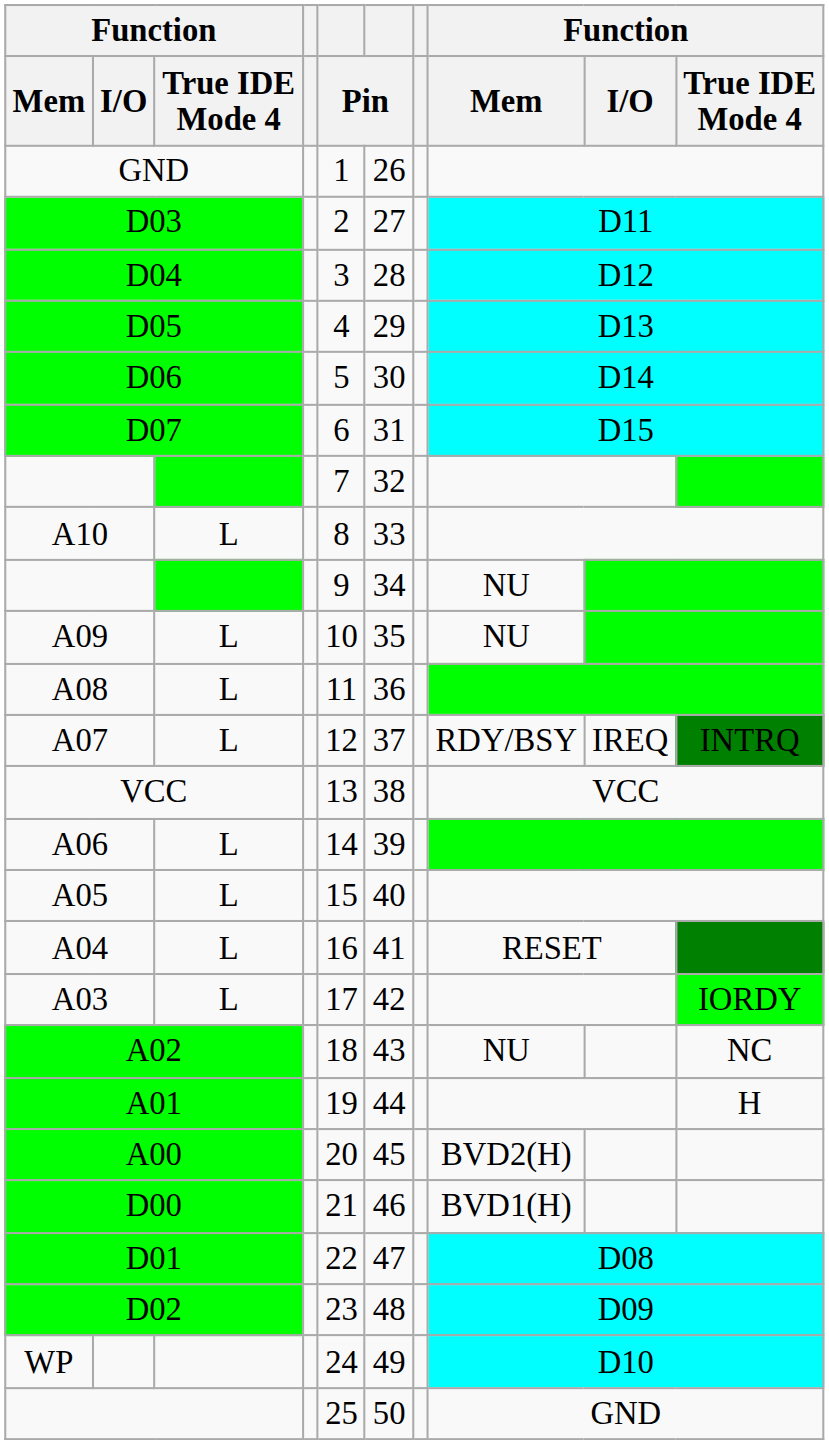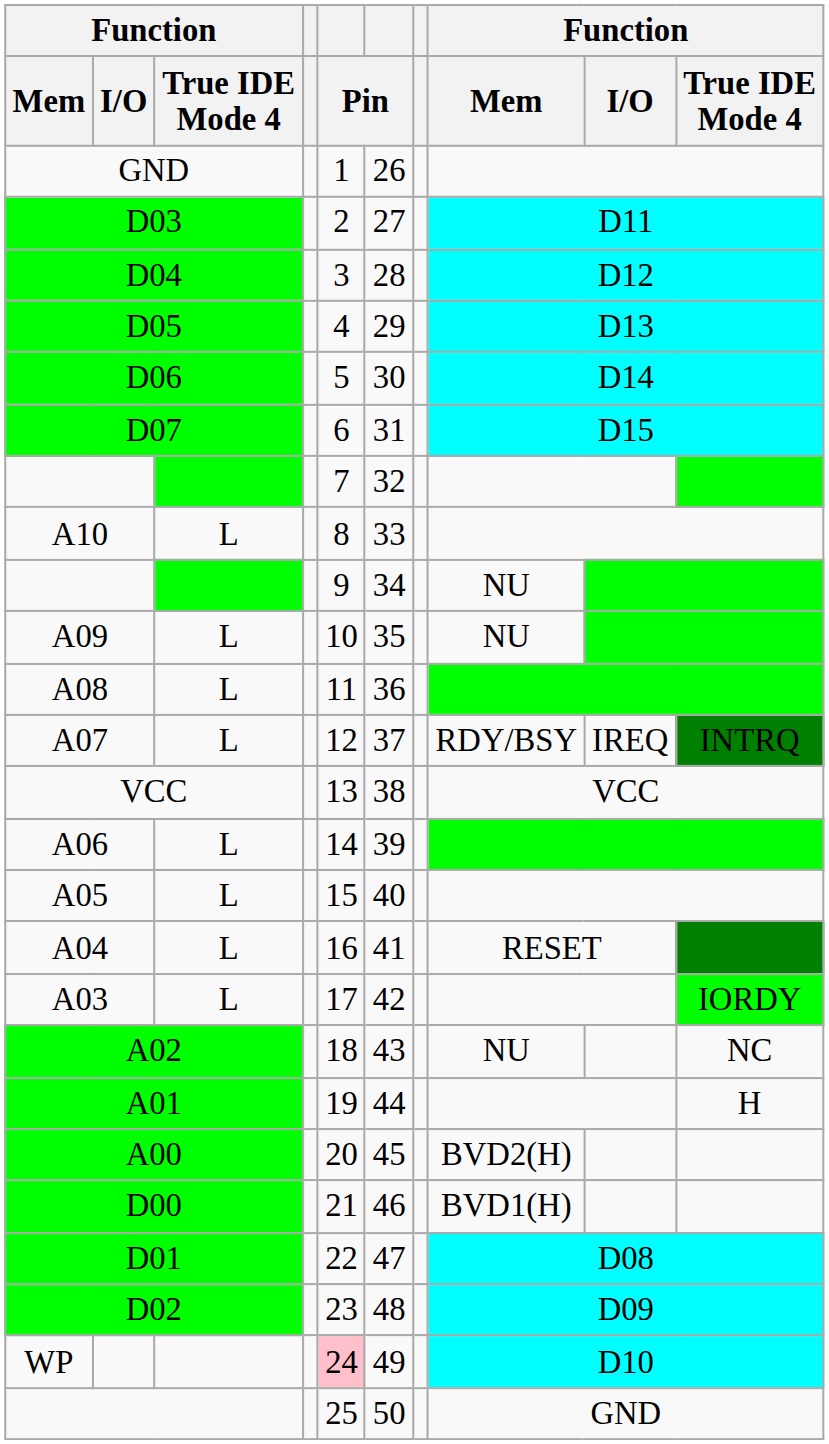 <table class="wikitable" style="margin-left: auto; margin-right: auto; border: 1; text-align:center">
 <tr>
 <th colspan="3">Function</th>
 <th></th>
 <th></th>
 <th></th>
 <th></th>
 <th colspan="3">Function</th>
 </tr>
 <tr>
 <th>Mem</th>
 <th>I/O</th>
 <th>True IDE<br>Mode 4</th>
 <th></th>
 <th colspan="2">Pin</th>
 <th></th>
 <th>Mem</th>
 <th>I/O</th>
 <th>True IDE<br>Mode 4</th>
 </tr>
 <tr>
 <td colspan="3">GND</td>
 <td></td>
 <td>1</td>
 <td>26</td>
 <td></td>
 <td colspan="3"><strong></strong></td>
 </tr>
 <tr>
 <td colspan="3" bgcolor="#00FF00">D03</td>
 <td></td>
 <td>2</td>
 <td>27</td>
 <td></td>
 <td colspan="3" bgcolor="#00FFFF">D11</td>
 </tr>
 <tr>
 <td colspan="3" bgcolor="#00FF00">D04</td>
 <td></td>
 <td>3</td>
 <td>28</td>
 <td></td>
 <td colspan="3" bgcolor="#00FFFF">D12</td>
 </tr>
 <tr>
 <td colspan="3" bgcolor="#00FF00">D05</td>
 <td></td>
 <td>4</td>
 <td>29</td>
 <td></td>
 <td colspan="3" bgcolor="#00FFFF">D13</td>
 </tr>
 <tr>
 <td colspan="3" bgcolor="#00FF00">D06</td>
 <td></td>
 <td>5</td>
 <td>30</td>
 <td></td>
 <td colspan="3" bgcolor="#00FFFF">D14</td>
 </tr>
 <tr>
 <td colspan="3" bgcolor="#00FF00">D07</td>
 <td></td>
 <td>6</td>
 <td>31</td>
 <td></td>
 <td colspan="3" bgcolor="#00FFFF">D15</td>
 </tr>
 <tr>
 <td colspan="2"><strong></strong></td>
 <td bgcolor="#00FF00"><strong></strong></td>
 <td></td>
 <td>7</td>
 <td>32</td>
 <td></td>
 <td colspan="2"><strong></strong></td>
 <td bgcolor="#00FF00"><strong></strong></td>
 </tr>
 <tr>
 <td colspan="2">A10</td>
 <td>L</td>
 <td></td>
 <td>8</td>
 <td>33</td>
 <td></td>
 <td colspan="3"><strong></strong></td>
 </tr>
 <tr>
 <td colspan="2"><strong></strong></td>
 <td bgcolor="#00FF00"><strong></strong></td>
 <td></td>
 <td>9</td>
 <td>34</td>
 <td></td>
 <td>NU</td>
 <td colspan="2" bgcolor="#00FF00"><strong></strong></td>
 </tr>
 <tr>
 <td colspan="2">A09</td>
 <td>L</td>
 <td></td>
 <td>10</td>
 <td>35</td>
 <td></td>
 <td>NU</td>
 <td colspan="2" bgcolor="#00FF00"><strong></strong></td>
 </tr>
 <tr>
 <td colspan="2">A08</td>
 <td>L</td>
 <td></td>
 <td>11</td>
 <td>36</td>
 <td></td>
 <td colspan="3" bgcolor="#00FF00"><strong></strong></td>
 </tr>
 <tr>
 <td colspan="2">A07</td>
 <td>L</td>
 <td></td>
 <td>12</td>
 <td>37</td>
 <td></td>
 <td>RDY/BSY</td>
 <td>IREQ</td>
 <td bgcolor="#008000">INTRQ</td>
 </tr>
 <tr>
 <td colspan="3">VCC</td>
 <td></td>
 <td>13</td>
 <td>38</td>
 <td></td>
 <td colspan="3">VCC</td>
 </tr>
 <tr>
 <td colspan="2">A06</td>
 <td>L</td>
 <td></td>
 <td>14</td>
 <td>39</td>
 <td></td>
 <td colspan="3" bgcolor="#00FF00"><strong></strong></td>
 </tr>
 <tr>
 <td colspan="2">A05</td>
 <td>L</td>
 <td></td>
 <td>15</td>
 <td>40</td>
 <td></td>
 <td colspan="3"><strong></strong></td>
 </tr>
 <tr>
 <td colspan="2">A04</td>
 <td>L</td>
 <td></td>
 <td>16</td>
 <td>41</td>
 <td></td>
 <td colspan="2">RESET</td>
 <td bgcolor="#008000"><strong></strong></td>
 </tr>
 <tr>
 <td colspan="2">A03</td>
 <td>L</td>
 <td></td>
 <td>17</td>
 <td>42</td>
 <td></td>
 <td colspan="2"><strong></strong></td>
 <td bgcolor="#00FF00">IORDY</td>
 </tr>
 <tr>
 <td colspan="3" bgcolor="#00FF00">A02</td>
 <td></td>
 <td>18</td>
 <td>43</td>
 <td></td>
 <td>NU</td>
 <td><strong></strong></td>
 <td>NC</td>
 </tr>
 <tr>
 <td colspan="3" bgcolor="#00FF00">A01</td>
 <td></td>
 <td>19</td>
 <td>44</td>
 <td></td>
 <td colspan="2"><strong></strong></td>
 <td>H</td>
 </tr>
 <tr>
 <td colspan="3" bgcolor="#00FF00">A00</td>
 <td></td>
 <td>20</td>
 <td>45</td>
 <td></td>
 <td>BVD2(H)</td>
 <td><strong></strong></td>
 <td><strong></strong></td>
 </tr>
 <tr>
 <td colspan="3" bgcolor="#00FF00">D00</td>
 <td></td>
 <td>21</td>
 <td>46</td>
 <td></td>
 <td>BVD1(H)</td>
 <td><strong></strong></td>
 <td><strong></strong></td>
 </tr>
 <tr>
 <td colspan="3" bgcolor="#00FF00">D01</td>
 <td></td>
 <td>22</td>
 <td>47</td>
 <td></td>
 <td colspan="3" bgcolor="#00FFFF">D08</td>
 </tr>
 <tr>
 <td colspan="3" bgcolor="#00FF00">D02</td>
 <td></td>
 <td>23</td>
 <td>48</td>
 <td></td>
 <td colspan="3" bgcolor="#00FFFF">D09</td>
 </tr>
 <tr>
 <td>WP</td>
 <td><strong></strong></td>
 <td><strong></strong></td>
 <td></td>
-<td>24</td>
+<td style="background: pink;">24</td>
 <td>49</td>
 <td></td>
 <td colspan="3" bgcolor="#00FFFF">D10</td>
 </tr>
 <tr>
 <td colspan="3"><strong></strong></td>
 <td></td>
 <td>25</td>
 <td>50</td>
 <td></td>
 <td colspan="3">GND</td>
 </tr>
 </table>
